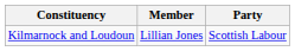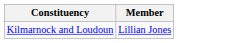 <table class="wikitable" style="font-size: 95%;">
 <tr>
 <th>Constituency</th>
 <th>Member</th>
-<th colspan=1>Party</th>
 </tr>
 <tr>
 <td><a href='#'>Kilmarnock and Loudoun</a></td>
 <td><a href='#'>Lillian Jones</a></td>
-<td style="background-color: "><a href='#'>Scottish Labour</a></td>
 </tr>
 </table>
